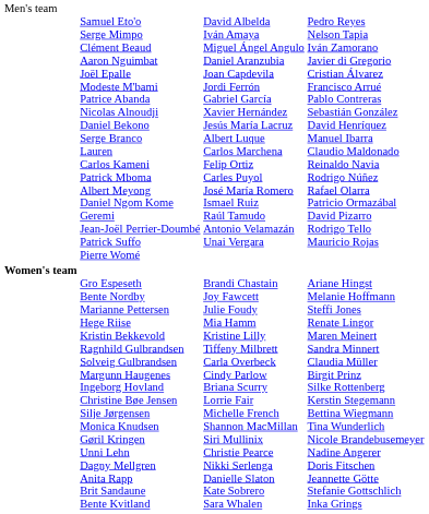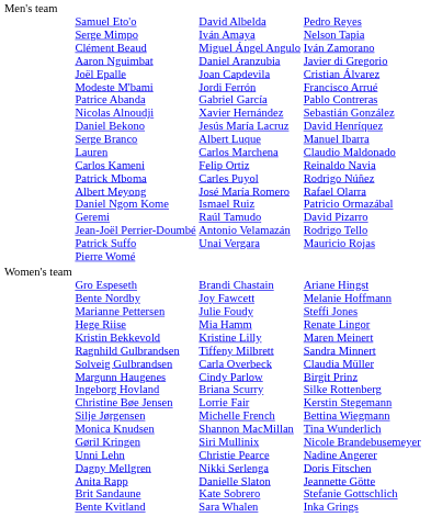 <table>
 <tr valign="top">
 <td>Men's team<br></td>
 <td><br><a href='#'>Samuel Eto'o</a><br><a href='#'>Serge Mimpo</a><br><a href='#'>Clément Beaud</a><br><a href='#'>Aaron Nguimbat</a><br><a href='#'>Joël Epalle</a><br><a href='#'>Modeste M'bami</a><br><a href='#'>Patrice Abanda</a><br><a href='#'>Nicolas Alnoudji</a><br><a href='#'>Daniel Bekono</a><br><a href='#'>Serge Branco</a><br><a href='#'>Lauren</a><br><a href='#'>Carlos Kameni</a><br><a href='#'>Patrick Mboma</a><br><a href='#'>Albert Meyong</a><br><a href='#'>Daniel Ngom Kome</a><br><a href='#'>Geremi</a><br><a href='#'>Jean-Joël Perrier-Doumbé</a><br><a href='#'>Patrick Suffo</a><br><a href='#'>Pierre Womé</a></td>
 <td><br><a href='#'>David Albelda</a><br><a href='#'>Iván Amaya</a><br><a href='#'>Miguel Ángel Angulo</a><br><a href='#'>Daniel Aranzubia</a><br><a href='#'>Joan Capdevila</a><br><a href='#'>Jordi Ferrón</a><br><a href='#'>Gabriel García</a><br><a href='#'>Xavier Hernández</a><br><a href='#'>Jesús María Lacruz</a><br><a href='#'>Albert Luque</a><br><a href='#'>Carlos Marchena</a><br><a href='#'>Felip Ortiz</a><br><a href='#'>Carles Puyol</a><br><a href='#'>José María Romero</a><br><a href='#'>Ismael Ruiz</a><br><a href='#'>Raúl Tamudo</a><br><a href='#'>Antonio Velamazán</a><br><a href='#'>Unai Vergara</a></td>
 <td><br><a href='#'>Pedro Reyes</a><br><a href='#'>Nelson Tapia</a><br><a href='#'>Iván Zamorano</a><br><a href='#'>Javier di Gregorio</a><br><a href='#'>Cristian Álvarez</a><br><a href='#'>Francisco Arrué</a><br><a href='#'>Pablo Contreras</a><br><a href='#'>Sebastián González</a><br><a href='#'>David Henríquez</a><br><a href='#'>Manuel Ibarra</a><br><a href='#'>Claudio Maldonado</a><br><a href='#'>Reinaldo Navia</a><br><a href='#'>Rodrigo Núñez</a><br><a href='#'>Rafael Olarra</a><br><a href='#'>Patricio Ormazábal</a><br><a href='#'>David Pizarro</a><br><a href='#'>Rodrigo Tello</a><br><a href='#'>Mauricio Rojas</a></td>
 </tr>
 <tr valign="top">
-<td><strong>Women's team<br></strong></td>
+<td>Women's team<br></td>
 <td><br><a href='#'>Gro Espeseth</a><br><a href='#'>Bente Nordby</a><br><a href='#'>Marianne Pettersen</a><br><a href='#'>Hege Riise</a><br><a href='#'>Kristin Bekkevold</a><br><a href='#'>Ragnhild Gulbrandsen</a><br><a href='#'>Solveig Gulbrandsen</a><br><a href='#'>Margunn Haugenes</a><br><a href='#'>Ingeborg Hovland</a><br><a href='#'>Christine Bøe Jensen</a><br><a href='#'>Silje Jørgensen</a><br><a href='#'>Monica Knudsen</a><br><a href='#'>Gøril Kringen</a><br><a href='#'>Unni Lehn</a><br><a href='#'>Dagny Mellgren</a><br><a href='#'>Anita Rapp</a><br><a href='#'>Brit Sandaune</a><br><a href='#'>Bente Kvitland</a></td>
 <td><br><a href='#'>Brandi Chastain</a><br><a href='#'>Joy Fawcett</a><br><a href='#'>Julie Foudy</a><br><a href='#'>Mia Hamm</a><br><a href='#'>Kristine Lilly</a><br><a href='#'>Tiffeny Milbrett</a><br><a href='#'>Carla Overbeck</a><br><a href='#'>Cindy Parlow</a><br><a href='#'>Briana Scurry</a><br><a href='#'>Lorrie Fair</a><br><a href='#'>Michelle French</a><br><a href='#'>Shannon MacMillan</a><br><a href='#'>Siri Mullinix</a><br><a href='#'>Christie Pearce</a><br><a href='#'>Nikki Serlenga</a><br><a href='#'>Danielle Slaton</a><br><a href='#'>Kate Sobrero</a><br><a href='#'>Sara Whalen</a></td>
 <td><br><a href='#'>Ariane Hingst</a><br><a href='#'>Melanie Hoffmann</a><br><a href='#'>Steffi Jones</a><br><a href='#'>Renate Lingor</a><br><a href='#'>Maren Meinert</a><br><a href='#'>Sandra Minnert</a><br><a href='#'>Claudia Müller</a><br><a href='#'>Birgit Prinz</a><br><a href='#'>Silke Rottenberg</a><br><a href='#'>Kerstin Stegemann</a><br><a href='#'>Bettina Wiegmann</a><br><a href='#'>Tina Wunderlich</a><br><a href='#'>Nicole Brandebusemeyer</a><br><a href='#'>Nadine Angerer</a><br><a href='#'>Doris Fitschen</a><br><a href='#'>Jeannette Götte</a><br><a href='#'>Stefanie Gottschlich</a><br><a href='#'>Inka Grings</a></td>
 </tr>
 </table>
